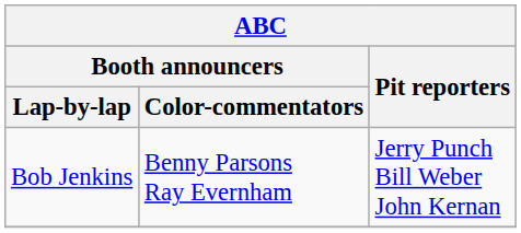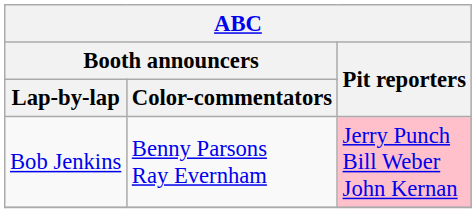 <table class="wikitable" style="font-size: 95%">
 <tr>
 <th colspan=3><a href='#'>ABC</a></th>
 </tr>
 <tr>
 <th colspan=2>Booth announcers</th>
 <th rowspan=2>Pit reporters</th>
 </tr>
 <tr>
 <th><strong>Lap-by-lap</strong></th>
 <th><strong>Color-commentators</strong></th>
 </tr>
 <tr>
 <td><a href='#'>Bob Jenkins</a></td>
 <td><a href='#'>Benny Parsons</a> <br> <a href='#'>Ray Evernham</a></td>
-<td><a href='#'>Jerry Punch</a> <br> <a href='#'>Bill Weber</a> <br> <a href='#'>John Kernan</a></td>
+<td style="background: pink;"><a href='#'>Jerry Punch</a> <br> <a href='#'>Bill Weber</a> <br> <a href='#'>John Kernan</a></td>
 </tr>
 <tr>
 </tr>
 </table>
